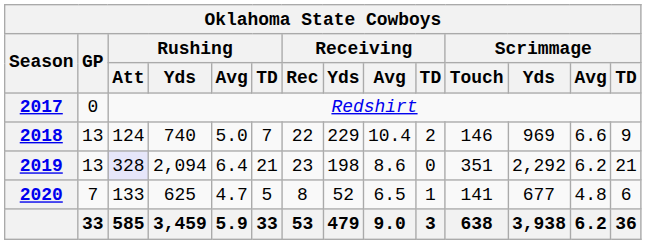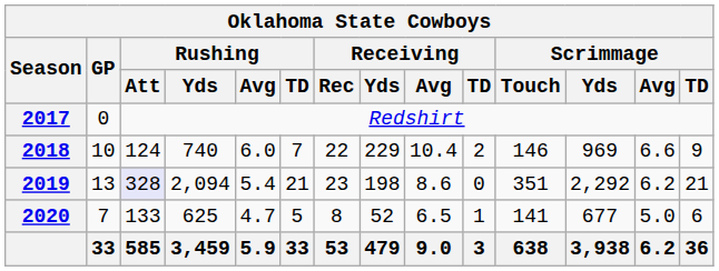 <table class="wikitable sortable" style="text-align:center;">
 <tr>
 <th colspan="14">Oklahoma State Cowboys</th>
 </tr>
 <tr>
 <th rowspan="2">Season</th>
 <th rowspan="2">GP</th>
 <th colspan="4">Rushing</th>
 <th colspan="4">Receiving</th>
 <th colspan="4">Scrimmage</th>
 </tr>
 <tr>
 <th>Att</th>
 <th>Yds</th>
 <th>Avg</th>
 <th>TD</th>
 <th>Rec</th>
 <th>Yds</th>
 <th>Avg</th>
 <th>TD</th>
 <th>Touch</th>
 <th>Yds</th>
 <th>Avg</th>
 <th>TD</th>
 </tr>
 <tr>
 <th><a href='#'>2017</a></th>
 <td>0</td>
 <td colspan="12"> <em><a href='#'>Redshirt</a></em></td>
 </tr>
 <tr>
 <th><a href='#'>2018</a></th>
-<td>13</td>
+<td>10</td>
 <td>124</td>
 <td>740</td>
-<td>5.0</td>
+<td>6.0</td>
 <td>7</td>
 <td>22</td>
 <td>229</td>
 <td>10.4</td>
 <td>2</td>
 <td>146</td>
 <td>969</td>
 <td>6.6</td>
 <td>9</td>
 </tr>
 <tr>
 <th><a href='#'>2019</a></th>
 <td>13</td>
 <td style="background: lavender;">328</td>
 <td>2,094</td>
-<td>6.4</td>
+<td>5.4</td>
 <td>21</td>
 <td>23</td>
 <td>198</td>
 <td>8.6</td>
 <td>0</td>
 <td>351</td>
 <td>2,292</td>
 <td>6.2</td>
 <td>21</td>
 </tr>
 <tr>
 <th><a href='#'>2020</a></th>
 <td>7</td>
 <td>133</td>
 <td>625</td>
 <td>4.7</td>
 <td>5</td>
 <td>8</td>
 <td>52</td>
 <td>6.5</td>
 <td>1</td>
 <td>141</td>
 <td>677</td>
-<td>4.8</td>
+<td>5.0</td>
 <td>6</td>
 </tr>
 <tr>
 <th></th>
 <th>33</th>
 <th>585</th>
 <th>3,459</th>
 <th>5.9</th>
 <th>33</th>
 <th>53</th>
 <th>479</th>
 <th>9.0</th>
 <th>3</th>
 <th>638</th>
 <th>3,938</th>
 <th>6.2</th>
 <th>36</th>
 </tr>
 </table>
